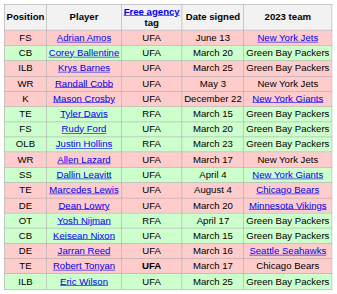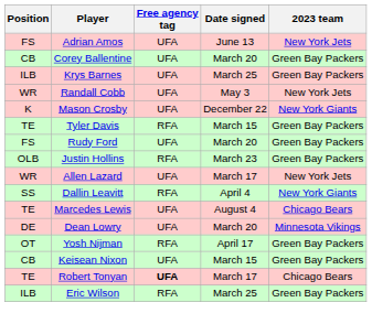 <table class="wikitable" style="text-align:center">
 <tr>
 <th>Position</th>
 <th>Player</th>
 <th><a href='#'><span>Free agency</span></a><br>tag</th>
 <th>Date signed</th>
 <th>2023 team</th>
 </tr>
 <tr bgcolor=ffcccc>
 <td>FS</td>
 <td><a href='#'>Adrian Amos</a></td>
 <td>UFA</td>
 <td>June 13</td>
 <td><a href='#'>New York Jets</a></td>
 </tr>
 <tr bgcolor=ccffcc>
 <td>CB</td>
 <td><a href='#'>Corey Ballentine</a></td>
 <td>UFA</td>
 <td>March 20</td>
 <td>Green Bay Packers</td>
 </tr>
 <tr bgcolor=ffcccc>
 <td>ILB</td>
 <td><a href='#'>Krys Barnes</a></td>
 <td>UFA</td>
 <td>March 25</td>
 <td>Green Bay Packers</td>
 </tr>
 <tr bgcolor=ffcccc>
 <td>WR</td>
 <td><a href='#'>Randall Cobb</a></td>
 <td>UFA</td>
 <td>May 3</td>
 <td>New York Jets</td>
 </tr>
 <tr bgcolor=ffcccc>
 <td>K</td>
 <td><a href='#'>Mason Crosby</a></td>
 <td>UFA</td>
 <td>December 22</td>
 <td><a href='#'>New York Giants</a></td>
 </tr>
 <tr bgcolor=ccffcc>
 <td>TE</td>
 <td><a href='#'>Tyler Davis</a></td>
 <td>RFA</td>
 <td>March 15</td>
 <td>Green Bay Packers</td>
 </tr>
 <tr bgcolor=ccffcc>
 <td>FS</td>
 <td><a href='#'>Rudy Ford</a></td>
 <td>UFA</td>
 <td>March 20</td>
 <td>Green Bay Packers</td>
 </tr>
 <tr bgcolor=ccffcc>
 <td>OLB</td>
 <td><a href='#'>Justin Hollins</a></td>
 <td>RFA</td>
 <td>March 23</td>
 <td>Green Bay Packers</td>
 </tr>
 <tr bgcolor=ffcccc>
 <td>WR</td>
 <td><a href='#'>Allen Lazard</a></td>
 <td>UFA</td>
 <td>March 17</td>
 <td>New York Jets</td>
 </tr>
 <tr bgcolor=ccffcc>
 <td>SS</td>
 <td><a href='#'>Dallin Leavitt</a></td>
-<td>UFA</td>
+<td>RFA</td>
 <td>April 4</td>
 <td><a href='#'>New York Giants</a></td>
 </tr>
 <tr bgcolor=ffcccc>
 <td>TE</td>
 <td><a href='#'>Marcedes Lewis</a></td>
 <td>UFA</td>
 <td>August 4</td>
 <td><a href='#'>Chicago Bears</a></td>
 </tr>
 <tr bgcolor=ffcccc>
 <td>DE</td>
 <td><a href='#'>Dean Lowry</a></td>
 <td>UFA</td>
 <td>March 20</td>
 <td><a href='#'>Minnesota Vikings</a></td>
 </tr>
 <tr bgcolor=ccffcc>
 <td>OT</td>
 <td><a href='#'>Yosh Nijman</a></td>
 <td>RFA</td>
 <td>April 17</td>
 <td>Green Bay Packers</td>
 </tr>
 <tr bgcolor=ccffcc>
 <td>CB</td>
 <td><a href='#'>Keisean Nixon</a></td>
 <td>UFA</td>
 <td>March 15</td>
 <td>Green Bay Packers</td>
 </tr>
 <tr bgcolor=ffcccc>
-<td>DE</td>
-<td><a href='#'>Jarran Reed</a></td>
-<td>UFA</td>
-<td>March 16</td>
-<td><a href='#'>Seattle Seahawks</a></td>
-</tr>
-<tr bgcolor=ffcccc>
 <td>TE</td>
 <td><a href='#'>Robert Tonyan</a></td>
 <td><strong>UFA</strong></td>
 <td>March 17</td>
 <td>Chicago Bears</td>
 </tr>
 <tr bgcolor=ccffcc>
 <td>ILB</td>
 <td><a href='#'>Eric Wilson</a></td>
-<td>UFA</td>
+<td>RFA</td>
 <td>March 25</td>
 <td>Green Bay Packers</td>
 </tr>
 </table>
